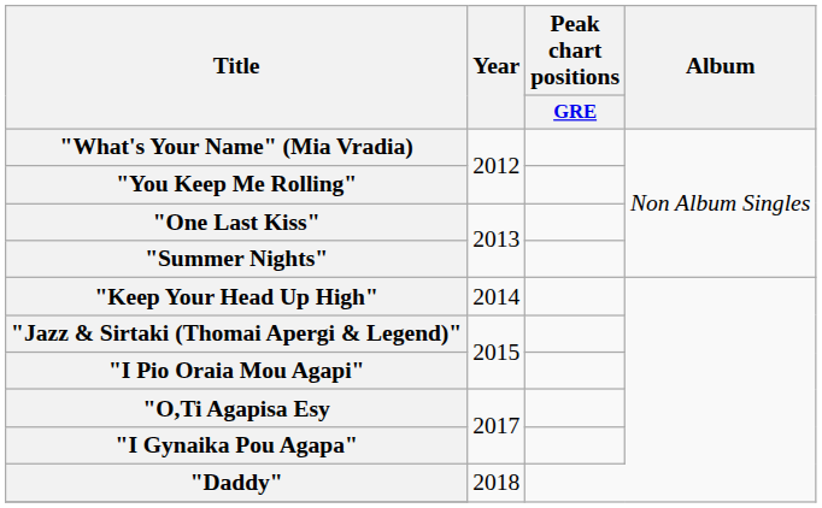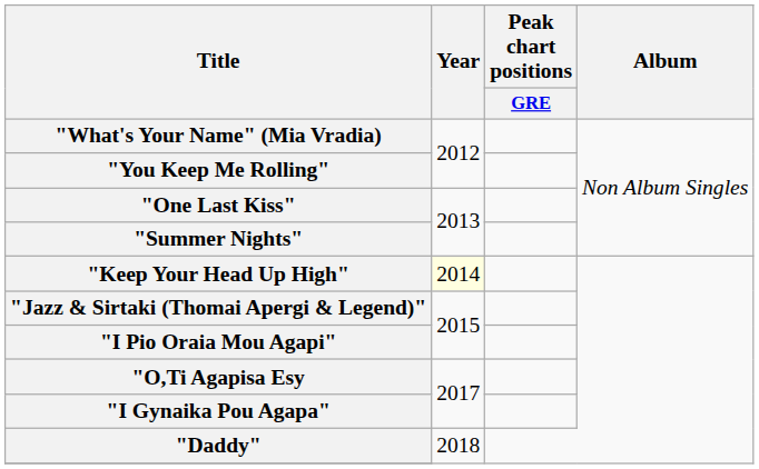 <table class="wikitable plainrowheaders" style="text-align:center;">
 <tr>
 <th scope="col" rowspan="2">Title</th>
 <th scope="col" rowspan="2">Year</th>
 <th scope="col" colspan="1">Peak chart positions</th>
 <th scope="col" rowspan="2">Album</th>
 </tr>
 <tr>
 <th scope="col" style="width:3em;font-size:85%;"><a href='#'>GRE</a></th>
 </tr>
 <tr>
 <th scope="row">"What's Your Name" (Mia Vradia)</th>
 <td rowspan="2">2012</td>
 <td></td>
 <td rowspan="4"><em>Non Album Singles</em></td>
 </tr>
 <tr>
 <th scope="row">"You Keep Me Rolling"</th>
 <td></td>
 </tr>
 <tr>
 <th scope="row">"One Last Kiss"</th>
 <td rowspan="2">2013</td>
 <td></td>
 </tr>
 <tr>
 <th scope="row">"Summer Nights"</th>
 <td></td>
 </tr>
 <tr>
 <th scope="row">"Keep Your Head Up High"</th>
-<td rowspan="1">2014</td>
+<td rowspan="1" style="background: lightyellow;">2014</td>
 <td></td>
 </tr>
 <tr>
 <th scope="row">"Jazz & Sirtaki (Thomai Apergi & Legend)"</th>
 <td rowspan="2">2015</td>
 <td></td>
 </tr>
 <tr>
 <th scope="row">"I Pio Oraia Mou Agapi"</th>
 <td></td>
 </tr>
 <tr>
 <th scope="row">"O,Ti Agapisa Esy</th>
 <td rowspan="2">2017</td>
 <td></td>
 </tr>
 <tr>
 <th scope="row">"I Gynaika Pou Agapa"</th>
 <td></td>
 </tr>
 <tr>
 <th scope="row">"Daddy"</th>
 <td rowspan="2">2018</td>
 </tr>
 <tr>
 </tr>
 </table>
